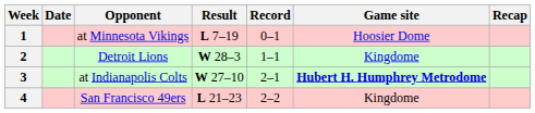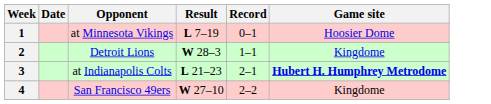 <table class="wikitable" style="text-align:center">
 <tr>
 <th>Week</th>
 <th>Date</th>
 <th>Opponent</th>
 <th>Result</th>
 <th>Record</th>
 <th>Game site</th>
-<th>Recap</th>
 </tr>
 <tr style="background:#fcc">
 <th>1</th>
 <td></td>
 <td>at <a href='#'>Minnesota Vikings</a></td>
 <td><strong>L</strong> 7–19</td>
 <td>0–1</td>
 <td><a href='#'>Hoosier Dome</a></td>
-<td></td>
 </tr>
 <tr style="background:#cfc">
 <th>2</th>
 <td></td>
 <td><a href='#'>Detroit Lions</a></td>
 <td><strong>W</strong> 28–3</td>
 <td>1–1</td>
 <td><a href='#'>Kingdome</a></td>
-<td></td>
 </tr>
 <tr style="background:#cfc">
 <th>3</th>
 <td></td>
 <td>at <a href='#'>Indianapolis Colts</a></td>
-<td><strong>W</strong> 27–10</td>
+<td><strong>L</strong> 21–23</td>
 <td>2–1</td>
 <td><strong><a href='#'>Hubert H. Humphrey Metrodome</a></strong></td>
-<td></td>
 </tr>
 <tr style="background:#fcc">
 <th>4</th>
 <td></td>
 <td><a href='#'>San Francisco 49ers</a></td>
-<td><strong>L</strong> 21–23</td>
+<td><strong>W</strong> 27–10</td>
 <td>2–2</td>
 <td>Kingdome</td>
-<td></td>
 </tr>
 </table>
